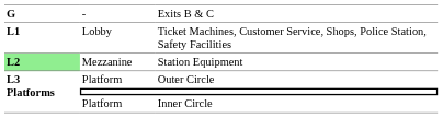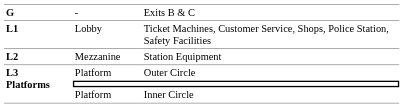 <table table border=0 cellspacing=0 cellpadding=3>
 <tr>
 <td style="border-top:solid 1px gray;" width=50 valign=top><strong>G</strong></td>
 <td style="border-top:solid 1px gray;" width=100 valign=top>-</td>
 <td style="border-top:solid 1px gray;" width=390 valign=top>Exits B & C</td>
 </tr>
 <tr>
 <td style="border-bottom:solid 1px gray; border-top:solid 1px gray;" valign=top width=100><strong>L1</strong></td>
 <td style="border-bottom:solid 1px gray; border-top:solid 1px gray;" valign=top width=100>Lobby</td>
 <td style="border-bottom:solid 1px gray; border-top:solid 1px gray;" valign=top width=390>Ticket Machines, Customer Service, Shops, Police Station, Safety Facilities</td>
 </tr>
 <tr>
-<td style="background: lightgreen; border-bottom:solid 1px gray;" valign=top><strong>L2</strong></td>
+<td style="border-bottom:solid 1px gray;" valign=top><strong>L2</strong></td>
 <td style="border-bottom:solid 1px gray;" valign=top>Mezzanine</td>
 <td style="border-bottom:solid 1px gray;" valign=top>Station Equipment</td>
 </tr>
 <tr>
 <td style="border-bottom:solid 1px gray;" rowspan=3 valign=top><strong>L3<br>Platforms</strong></td>
 <td>Platform </td>
 <td>  Outer Circle </td>
 </tr>
 <tr>
 <td style="border-right:solid 2px black;border-left:solid 2px black;border-top:solid 2px black;border-bottom:solid 2px black;text-align:center;" colspan=2></td>
 </tr>
 <tr>
 <td style="border-bottom:solid 1px gray;">Platform </td>
 <td style="border-bottom:solid 1px gray;"> Inner Circle  </td>
 </tr>
 <tr>
 </tr>
 </table>
